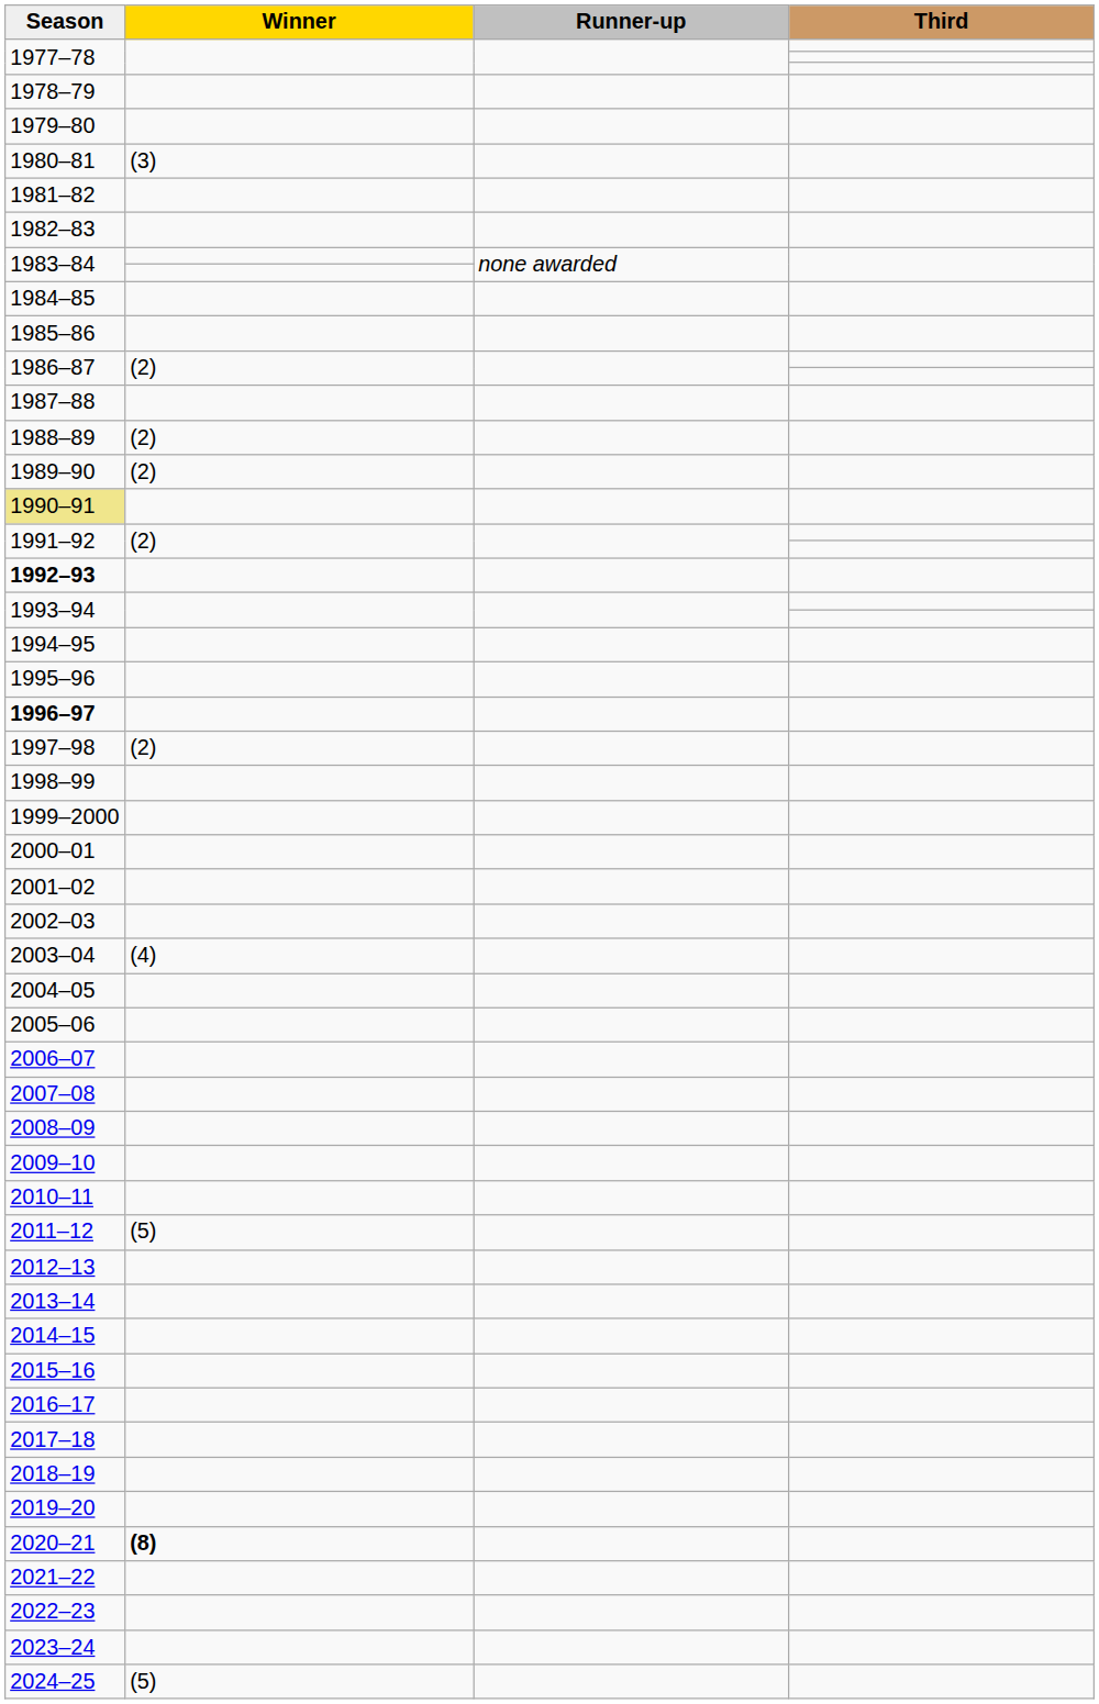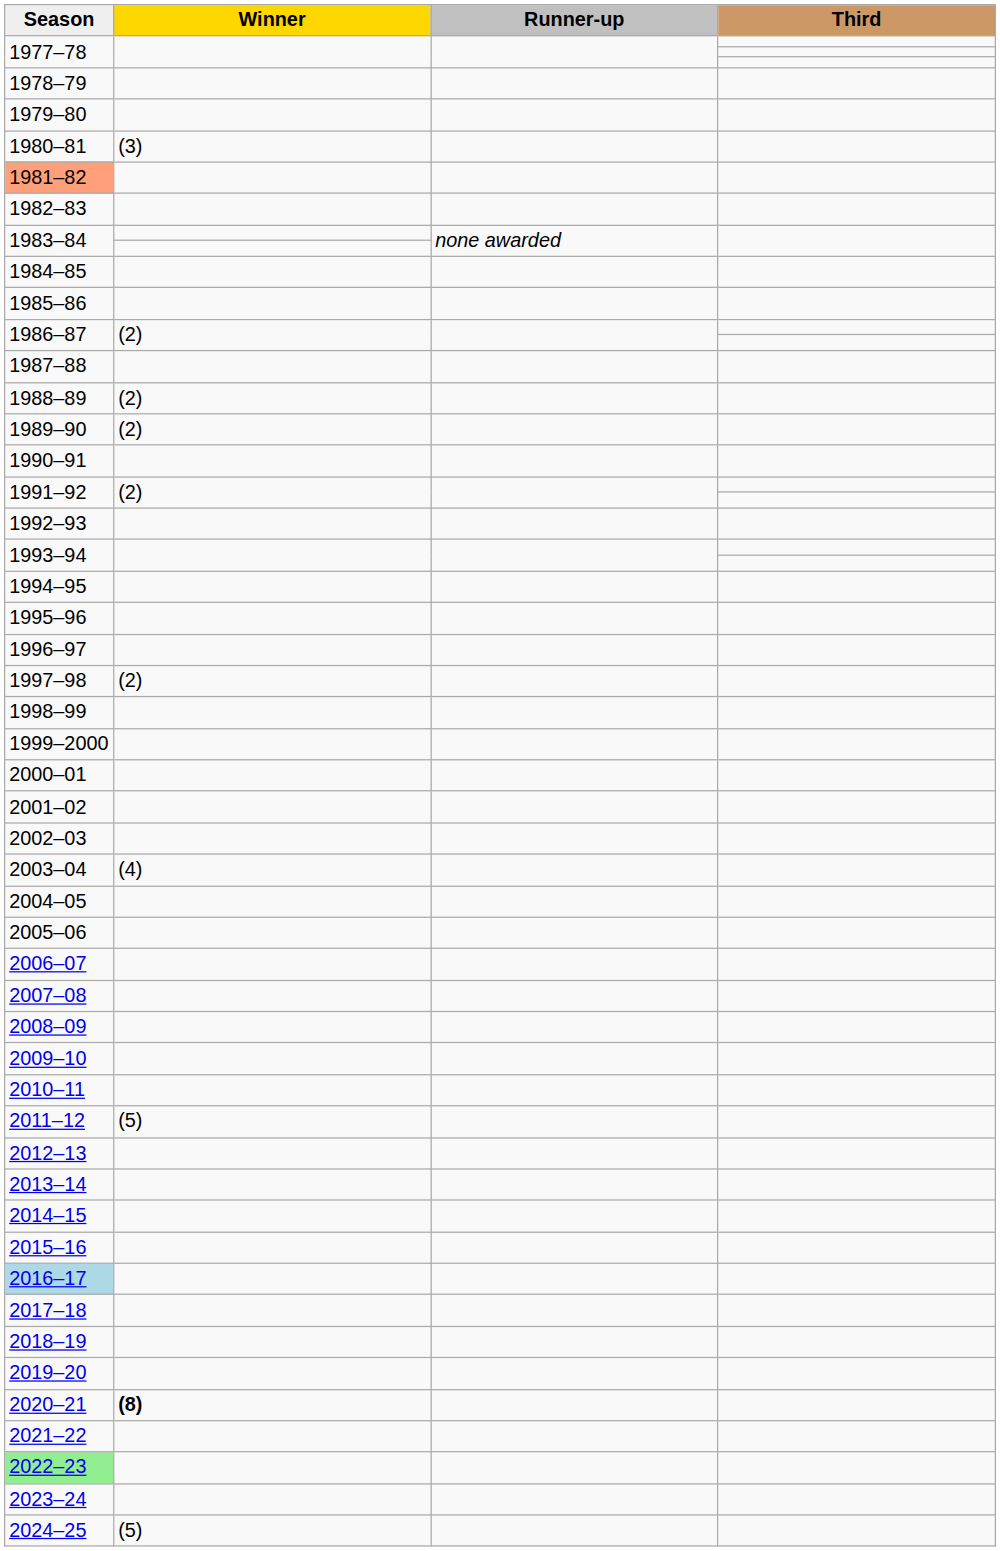 <table class="wikitable sortable" style="width:800px;">
 <tr>
 <th style="width:11%; background:#efefef;">Season</th>
 <th style="width:32%; background:gold">Winner</th>
 <th style="width:29%; background:silver">Runner-up</th>
 <th style="width:28%; background:#CC9966">Third</th>
 </tr>
 <tr>
 <td rowspan=3>1977–78</td>
 <td rowspan=3></td>
 <td rowspan=3></td>
 <td></td>
 </tr>
 <tr>
 <td></td>
 </tr>
 <tr>
 <td></td>
 </tr>
 <tr>
 <td>1978–79</td>
 <td></td>
 <td></td>
 <td></td>
 </tr>
 <tr>
 <td>1979–80</td>
 <td></td>
 <td></td>
 <td></td>
 </tr>
 <tr>
 <td>1980–81</td>
 <td> (3)</td>
 <td></td>
 <td></td>
 </tr>
 <tr>
-<td>1981–82</td>
+<td style="background: lightsalmon;">1981–82</td>
 <td></td>
 <td></td>
 <td></td>
 </tr>
 <tr>
 <td>1982–83</td>
 <td></td>
 <td></td>
 <td></td>
 </tr>
 <tr>
 <td rowspan=2>1983–84</td>
 <td></td>
 <td rowspan=2><em>none awarded</em></td>
 <td rowspan=2></td>
 </tr>
 <tr>
 <td></td>
 </tr>
 <tr>
 <td>1984–85</td>
 <td></td>
 <td></td>
 <td></td>
 </tr>
 <tr>
 <td>1985–86</td>
 <td></td>
 <td></td>
 <td></td>
 </tr>
 <tr>
 <td rowspan=2>1986–87</td>
 <td rowspan=2> (2)</td>
 <td rowspan=2></td>
 <td></td>
 </tr>
 <tr>
 <td></td>
 </tr>
 <tr>
 <td>1987–88</td>
 <td></td>
 <td></td>
 <td></td>
 </tr>
 <tr>
 <td>1988–89</td>
 <td> (2)</td>
 <td></td>
 <td></td>
 </tr>
 <tr>
 <td>1989–90</td>
 <td> (2)</td>
 <td></td>
 <td></td>
 </tr>
 <tr>
-<td style="background: khaki;">1990–91</td>
+<td>1990–91</td>
 <td></td>
 <td></td>
 <td></td>
 </tr>
 <tr>
 <td rowspan=2>1991–92</td>
 <td rowspan=2> (2)</td>
 <td rowspan=2></td>
 <td></td>
 </tr>
 <tr>
 <td></td>
 </tr>
 <tr>
-<td><strong>1992–93</strong></td>
+<td>1992–93</td>
 <td></td>
 <td></td>
 <td></td>
 </tr>
 <tr>
 <td rowspan=2>1993–94</td>
 <td rowspan=2></td>
 <td rowspan=2></td>
 <td></td>
 </tr>
 <tr>
 <td></td>
 </tr>
 <tr>
 <td>1994–95</td>
 <td></td>
 <td></td>
 <td></td>
 </tr>
 <tr>
 <td>1995–96</td>
 <td></td>
 <td></td>
 <td></td>
 </tr>
 <tr>
-<td><strong>1996–97</strong></td>
+<td>1996–97</td>
 <td></td>
 <td></td>
 <td></td>
 </tr>
 <tr>
 <td>1997–98</td>
 <td> (2)</td>
 <td></td>
 <td></td>
 </tr>
 <tr>
 <td>1998–99</td>
 <td></td>
 <td></td>
 <td></td>
 </tr>
 <tr>
 <td>1999–2000</td>
 <td></td>
 <td></td>
 <td></td>
 </tr>
 <tr>
 <td>2000–01</td>
 <td></td>
 <td></td>
 <td></td>
 </tr>
 <tr>
 <td>2001–02</td>
 <td></td>
 <td></td>
 <td></td>
 </tr>
 <tr>
 <td>2002–03</td>
 <td></td>
 <td></td>
 <td></td>
 </tr>
 <tr>
 <td>2003–04</td>
 <td> (4)</td>
 <td></td>
 <td></td>
 </tr>
 <tr>
 <td>2004–05</td>
 <td></td>
 <td></td>
 <td></td>
 </tr>
 <tr>
 <td>2005–06</td>
 <td></td>
 <td></td>
 <td></td>
 </tr>
 <tr>
 <td><a href='#'>2006–07</a></td>
 <td></td>
 <td></td>
 <td></td>
 </tr>
 <tr>
 <td><a href='#'>2007–08</a></td>
 <td></td>
 <td></td>
 <td></td>
 </tr>
 <tr>
 <td><a href='#'>2008–09</a></td>
 <td></td>
 <td></td>
 <td></td>
 </tr>
 <tr>
 <td><a href='#'>2009–10</a></td>
 <td></td>
 <td></td>
 <td></td>
 </tr>
 <tr>
 <td><a href='#'>2010–11</a></td>
 <td></td>
 <td></td>
 <td></td>
 </tr>
 <tr>
 <td><a href='#'>2011–12</a></td>
 <td> (5)</td>
 <td></td>
 <td></td>
 </tr>
 <tr>
 <td><a href='#'>2012–13</a></td>
 <td></td>
 <td></td>
 <td></td>
 </tr>
 <tr>
 <td><a href='#'>2013–14</a></td>
 <td></td>
 <td></td>
 <td></td>
 </tr>
 <tr>
 <td><a href='#'>2014–15</a></td>
 <td></td>
 <td></td>
 <td></td>
 </tr>
 <tr>
 <td><a href='#'>2015–16</a></td>
 <td></td>
 <td></td>
 <td></td>
 </tr>
 <tr>
-<td><a href='#'>2016–17</a></td>
+<td style="background: lightblue;"><a href='#'>2016–17</a></td>
 <td></td>
 <td></td>
 <td></td>
 </tr>
 <tr>
 <td><a href='#'>2017–18</a></td>
 <td></td>
 <td></td>
 <td></td>
 </tr>
 <tr>
 <td><a href='#'>2018–19</a></td>
 <td></td>
 <td></td>
 <td></td>
 </tr>
 <tr>
 <td><a href='#'>2019–20</a></td>
 <td></td>
 <td></td>
 <td></td>
 </tr>
 <tr>
 <td><a href='#'>2020–21</a></td>
 <td> <strong>(8)</strong></td>
 <td></td>
 <td></td>
 </tr>
 <tr>
 <td><a href='#'>2021–22</a></td>
 <td></td>
 <td></td>
 <td></td>
 </tr>
 <tr>
-<td><a href='#'>2022–23</a></td>
+<td style="background: lightgreen;"><a href='#'>2022–23</a></td>
 <td></td>
 <td></td>
 <td></td>
 </tr>
 <tr>
 <td><a href='#'>2023–24</a></td>
 <td></td>
 <td></td>
 <td></td>
 </tr>
 <tr>
 <td><a href='#'>2024–25</a></td>
 <td> (5)</td>
 <td></td>
 <td></td>
 </tr>
 </table>
